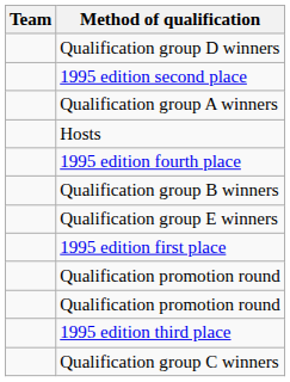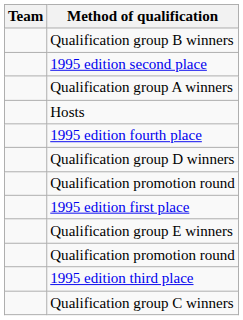 <table class="wikitable">
 <tr>
 <th>Team</th>
 <th>Method of qualification</th>
 </tr>
 <tr>
 <td></td>
-<td>Qualification group D winners</td>
+<td>Qualification group B winners</td>
 </tr>
 <tr>
 <td></td>
 <td><a href='#'>1995 edition second place</a></td>
 </tr>
 <tr>
 <td></td>
 <td>Qualification group A winners</td>
 </tr>
 <tr>
 <td></td>
 <td>Hosts</td>
 </tr>
 <tr>
 <td></td>
 <td><a href='#'>1995 edition fourth place</a></td>
 </tr>
 <tr>
 <td></td>
-<td>Qualification group B winners</td>
+<td>Qualification group D winners</td>
 </tr>
 <tr>
 <td></td>
-<td>Qualification group E winners</td>
+<td>Qualification promotion round</td>
 </tr>
 <tr>
 <td></td>
 <td><a href='#'>1995 edition first place</a></td>
 </tr>
 <tr>
 <td></td>
-<td>Qualification promotion round</td>
+<td>Qualification group E winners</td>
 </tr>
 <tr>
 <td></td>
 <td>Qualification promotion round</td>
 </tr>
 <tr>
 <td></td>
 <td><a href='#'>1995 edition third place</a></td>
 </tr>
 <tr>
 <td></td>
 <td>Qualification group C winners</td>
 </tr>
 </table>
